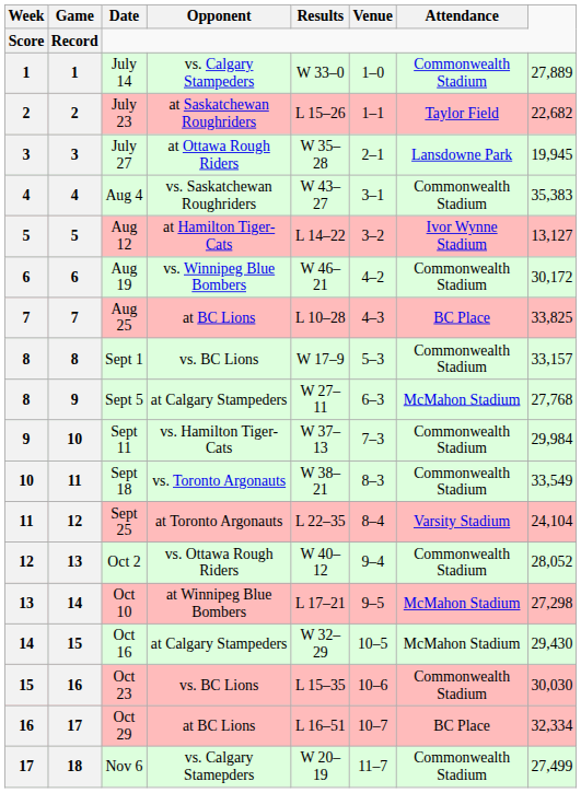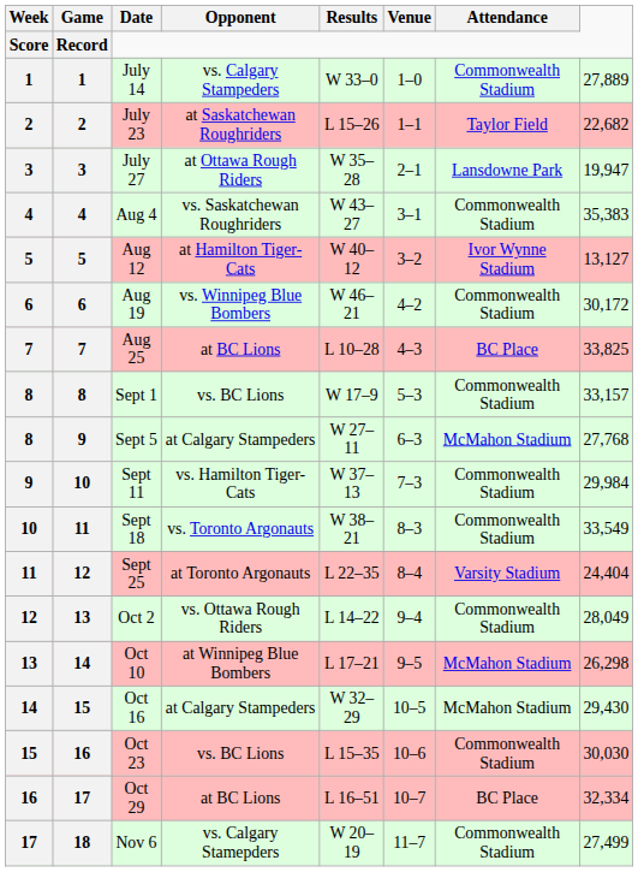 <table class="wikitable" style="text-align:center">
 <tr>
 <th>Week</th>
 <th>Game</th>
 <th>Date</th>
 <th>Opponent</th>
 <th>Results</th>
 <th>Venue</th>
 <th>Attendance</th>
 </tr>
 <tr>
 <th>Score</th>
 <th>Record</th>
 </tr>
 <tr style="background:#ddffdd">
 <th>1</th>
 <th>1</th>
 <td>July 14</td>
 <td>vs. <a href='#'>Calgary Stampeders</a></td>
 <td>W 33–0</td>
 <td>1–0</td>
 <td><a href='#'>Commonwealth Stadium</a></td>
 <td>27,889</td>
 </tr>
 <tr style="background:#ffbbbb">
 <th>2</th>
 <th>2</th>
 <td>July 23</td>
 <td>at <a href='#'>Saskatchewan Roughriders</a></td>
 <td>L 15–26</td>
 <td>1–1</td>
 <td><a href='#'>Taylor Field</a></td>
 <td>22,682</td>
 </tr>
 <tr style="background:#ddffdd">
 <th>3</th>
 <th>3</th>
 <td>July 27</td>
 <td>at <a href='#'>Ottawa Rough Riders</a></td>
 <td>W 35–28</td>
 <td>2–1</td>
 <td><a href='#'>Lansdowne Park</a></td>
-<td>19,945</td>
+<td>19,947</td>
 </tr>
 <tr style="background:#ddffdd">
 <th>4</th>
 <th>4</th>
 <td>Aug 4</td>
 <td>vs. Saskatchewan Roughriders</td>
 <td>W 43–27</td>
 <td>3–1</td>
 <td>Commonwealth Stadium</td>
 <td>35,383</td>
 </tr>
 <tr style="background:#ffbbbb">
 <th>5</th>
 <th>5</th>
 <td>Aug 12</td>
 <td>at <a href='#'>Hamilton Tiger-Cats</a></td>
-<td>L 14–22</td>
+<td>W 40–12</td>
 <td>3–2</td>
 <td><a href='#'>Ivor Wynne Stadium</a></td>
 <td>13,127</td>
 </tr>
 <tr style="background:#ddffdd">
 <th>6</th>
 <th>6</th>
 <td>Aug 19</td>
 <td>vs. <a href='#'>Winnipeg Blue Bombers</a></td>
 <td>W 46–21</td>
 <td>4–2</td>
 <td>Commonwealth Stadium</td>
 <td>30,172</td>
 </tr>
 <tr style="background:#ffbbbb">
 <th>7</th>
 <th>7</th>
 <td>Aug 25</td>
 <td>at <a href='#'>BC Lions</a></td>
 <td>L 10–28</td>
 <td>4–3</td>
 <td><a href='#'>BC Place</a></td>
 <td>33,825</td>
 </tr>
 <tr style="background:#ddffdd">
 <th>8</th>
 <th>8</th>
 <td>Sept 1</td>
 <td>vs. BC Lions</td>
 <td>W 17–9</td>
 <td>5–3</td>
 <td>Commonwealth Stadium</td>
 <td>33,157</td>
 </tr>
 <tr style="background:#ddffdd">
 <th>8</th>
 <th>9</th>
 <td>Sept 5</td>
 <td>at Calgary Stampeders</td>
 <td>W 27–11</td>
 <td>6–3</td>
 <td><a href='#'>McMahon Stadium</a></td>
 <td>27,768</td>
 </tr>
 <tr style="background:#ddffdd">
 <th>9</th>
 <th>10</th>
 <td>Sept 11</td>
 <td>vs. Hamilton Tiger-Cats</td>
 <td>W 37–13</td>
 <td>7–3</td>
 <td>Commonwealth Stadium</td>
 <td>29,984</td>
 </tr>
 <tr style="background:#ddffdd">
 <th>10</th>
 <th>11</th>
 <td>Sept 18</td>
 <td>vs. <a href='#'>Toronto Argonauts</a></td>
 <td>W 38–21</td>
 <td>8–3</td>
 <td>Commonwealth Stadium</td>
 <td>33,549</td>
 </tr>
 <tr style="background:#ffbbbb">
 <th>11</th>
 <th>12</th>
 <td>Sept 25</td>
 <td>at Toronto Argonauts</td>
 <td>L 22–35</td>
 <td>8–4</td>
 <td><a href='#'>Varsity Stadium</a></td>
-<td>24,104</td>
+<td>24,404</td>
 </tr>
 <tr style="background:#ddffdd">
 <th>12</th>
 <th>13</th>
 <td>Oct 2</td>
 <td>vs. Ottawa Rough Riders</td>
-<td>W 40–12</td>
+<td>L 14–22</td>
 <td>9–4</td>
 <td>Commonwealth Stadium</td>
-<td>28,052</td>
+<td>28,049</td>
 </tr>
 <tr style="background:#ffbbbb">
 <th>13</th>
 <th>14</th>
 <td>Oct 10</td>
 <td>at Winnipeg Blue Bombers</td>
 <td>L 17–21</td>
 <td>9–5</td>
 <td><a href='#'>McMahon Stadium</a></td>
-<td>27,298</td>
+<td>26,298</td>
 </tr>
 <tr style="background:#ddffdd">
 <th>14</th>
 <th>15</th>
 <td>Oct 16</td>
 <td>at Calgary Stampeders</td>
 <td>W 32–29</td>
 <td>10–5</td>
 <td>McMahon Stadium</td>
 <td>29,430</td>
 </tr>
 <tr style="background:#ffbbbb">
 <th>15</th>
 <th>16</th>
 <td>Oct 23</td>
 <td>vs. BC Lions</td>
 <td>L 15–35</td>
 <td>10–6</td>
 <td>Commonwealth Stadium</td>
 <td>30,030</td>
 </tr>
 <tr style="background:#ffbbbb">
 <th>16</th>
 <th>17</th>
 <td>Oct 29</td>
 <td>at BC Lions</td>
 <td>L 16–51</td>
 <td>10–7</td>
 <td>BC Place</td>
 <td>32,334</td>
 </tr>
 <tr style="background:#ddffdd">
 <th>17</th>
 <th>18</th>
 <td>Nov 6</td>
 <td>vs. Calgary Stamepders</td>
 <td>W 20–19</td>
 <td>11–7</td>
 <td>Commonwealth Stadium</td>
 <td>27,499</td>
 </tr>
 </table>
